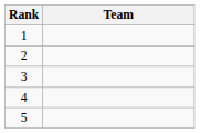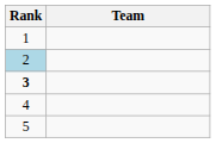 <table class="wikitable" style="text-align:center;">
 <tr>
 <th width=40>Rank</th>
 <th width=180>Team</th>
 </tr>
 <tr>
 <td>1</td>
 <td align=left></td>
 </tr>
 <tr>
-<td>2</td>
+<td style="background: lightblue;">2</td>
 <td align=left></td>
 </tr>
 <tr>
-<td>3</td>
+<td><strong>3</strong></td>
 <td align=left></td>
 </tr>
 <tr>
 <td>4</td>
 <td align=left></td>
 </tr>
 <tr>
 <td>5</td>
 <td align=left></td>
 </tr>
 </table>
